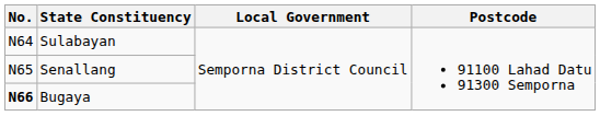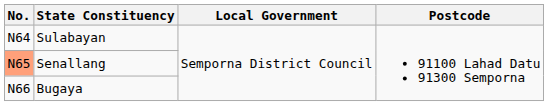 <table class="wikitable">
 <tr>
 <th>No.</th>
 <th>State Constituency</th>
 <th>Local Government</th>
 <th>Postcode</th>
 </tr>
 <tr>
 <td>N64</td>
 <td>Sulabayan</td>
 <td rowspan="3">Semporna District Council</td>
 <td rowspan="3"><br><ul><li>91100 Lahad Datu</li><li>91300 Semporna</li></ul></td>
 </tr>
 <tr>
-<td>N65</td>
+<td style="background: lightsalmon;">N65</td>
 <td>Senallang</td>
 </tr>
 <tr>
-<td><strong>N66</strong></td>
+<td>N66</td>
 <td>Bugaya</td>
 </tr>
 </table>
